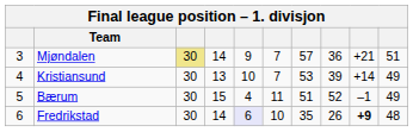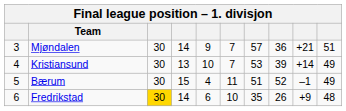 <table class="wikitable" style="text-align:center">
 <tr>
 <th colspan=10><big>Final league position – 1. divisjon</big></th>
 </tr>
 <tr>
 <th width="30"></th>
 <th width="175">Team</th>
 <th width="30"></th>
 <th width="30"></th>
 <th width="30"></th>
 <th width="30"></th>
 <th width="30"></th>
 <th width="30"></th>
 <th width="30"></th>
 <th width="30"></th>
 </tr>
 <tr>
 <td>3</td>
 <td align=left><a href='#'>Mjøndalen</a></td>
-<td style="background: khaki;">30</td>
+<td>30</td>
 <td>14</td>
 <td>9</td>
 <td>7</td>
 <td>57</td>
 <td>36</td>
 <td>+21</td>
 <td>51</td>
 </tr>
 <tr>
 <td>4</td>
 <td align=left><a href='#'>Kristiansund</a></td>
 <td>30</td>
 <td>13</td>
 <td>10</td>
 <td>7</td>
 <td>53</td>
 <td>39</td>
 <td>+14</td>
 <td>49</td>
 </tr>
 <tr>
 <td>5</td>
 <td align=left><a href='#'>Bærum</a></td>
 <td>30</td>
 <td>15</td>
 <td>4</td>
 <td>11</td>
 <td>51</td>
 <td>52</td>
 <td>–1</td>
 <td>49</td>
 </tr>
 <tr>
 <td>6</td>
 <td align=left><a href='#'>Fredrikstad</a></td>
-<td>30</td>
+<td style="background: gold;">30</td>
 <td>14</td>
-<td style="background: lavender;">6</td>
+<td>6</td>
 <td>10</td>
 <td>35</td>
 <td>26</td>
-<td><strong>+9</strong></td>
+<td>+9</td>
 <td>48</td>
 </tr>
 </table>
